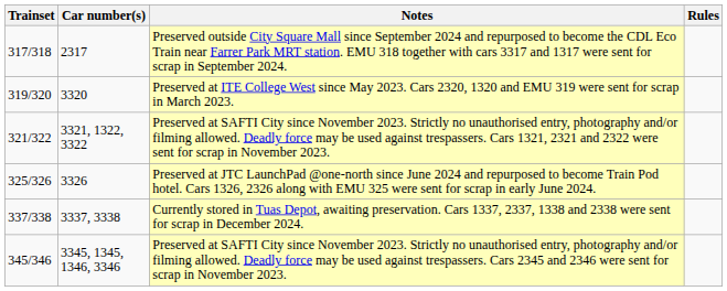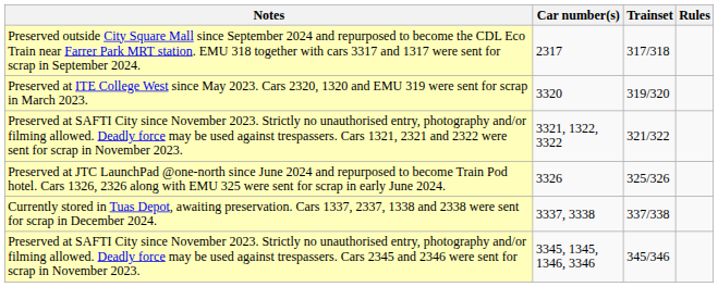 <table class="wikitable sortable">
 <tr>
+<th class="unsortable">Notes</th>
+<th>Car number(s)</th>
 <th>Trainset</th>
-<th>Car number(s)</th>
-<th class="unsortable">Notes</th>
 <th>Rules</th>
 </tr>
 <tr>
+<td style="background:#ffb;">Preserved outside <a href='#'>City Square Mall</a> since September 2024 and repurposed to become the CDL Eco Train near <a href='#'>Farrer Park MRT station</a>. EMU 318 together with cars 3317 and 1317 were sent for scrap in September 2024.</td>
+<td>2317</td>
 <td>317/318</td>
-<td>2317</td>
-<td style="background:#ffb;">Preserved outside <a href='#'>City Square Mall</a> since September 2024 and repurposed to become the CDL Eco Train near <a href='#'>Farrer Park MRT station</a>. EMU 318 together with cars 3317 and 1317 were sent for scrap in September 2024.</td>
 <td></td>
 </tr>
 <tr>
+<td style="background:#ffb;">Preserved at <a href='#'>ITE College West</a> since May 2023. Cars 2320, 1320 and EMU 319 were sent for scrap in March 2023.</td>
+<td>3320</td>
 <td>319/320</td>
-<td>3320</td>
-<td style="background:#ffb;">Preserved at <a href='#'>ITE College West</a> since May 2023. Cars 2320, 1320 and EMU 319 were sent for scrap in March 2023.</td>
 <td></td>
 </tr>
 <tr>
+<td style="background:#ffb;">Preserved at SAFTI City since November 2023. Strictly no unauthorised entry, photography and/or filming allowed. <a href='#'>Deadly force</a> may be used against trespassers. Cars 1321, 2321 and 2322 were sent for scrap in November 2023.</td>
+<td>3321, 1322, 3322</td>
 <td>321/322</td>
-<td>3321, 1322, 3322</td>
-<td style="background:#ffb;">Preserved at SAFTI City since November 2023. Strictly no unauthorised entry, photography and/or filming allowed. <a href='#'>Deadly force</a> may be used against trespassers. Cars 1321, 2321 and 2322 were sent for scrap in November 2023.</td>
 <td></td>
 </tr>
 <tr>
+<td style="background:#ffb;">Preserved at JTC LaunchPad @one-north since June 2024 and repurposed to become Train Pod hotel. Cars 1326, 2326 along with EMU 325 were sent for scrap in early June 2024.</td>
+<td>3326</td>
 <td>325/326</td>
-<td>3326</td>
-<td style="background:#ffb;">Preserved at JTC LaunchPad @one-north since June 2024 and repurposed to become Train Pod hotel. Cars 1326, 2326 along with EMU 325 were sent for scrap in early June 2024.</td>
 <td></td>
 </tr>
 <tr>
+<td style="background:#ffb;">Currently stored in <a href='#'>Tuas Depot</a>, awaiting preservation. Cars 1337, 2337, 1338 and 2338 were sent for scrap in December 2024.</td>
+<td>3337, 3338</td>
 <td>337/338</td>
-<td>3337, 3338</td>
-<td style="background:#ffb;">Currently stored in <a href='#'>Tuas Depot</a>, awaiting preservation. Cars 1337, 2337, 1338 and 2338 were sent for scrap in December 2024.</td>
 <td></td>
 </tr>
 <tr>
+<td style="background:#ffb;">Preserved at SAFTI City since November 2023. Strictly no unauthorised entry, photography and/or filming allowed. <a href='#'>Deadly force</a> may be used against trespassers. Cars 2345 and 2346 were sent for scrap in November 2023.</td>
+<td>3345, 1345, 1346, 3346</td>
 <td>345/346</td>
-<td>3345, 1345, 1346, 3346</td>
-<td style="background:#ffb;">Preserved at SAFTI City since November 2023. Strictly no unauthorised entry, photography and/or filming allowed. <a href='#'>Deadly force</a> may be used against trespassers. Cars 2345 and 2346 were sent for scrap in November 2023.</td>
 <td></td>
 </tr>
 </table>
